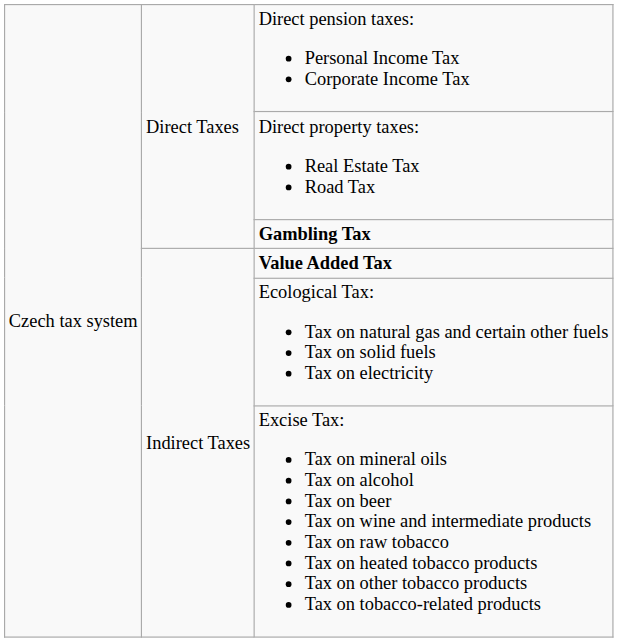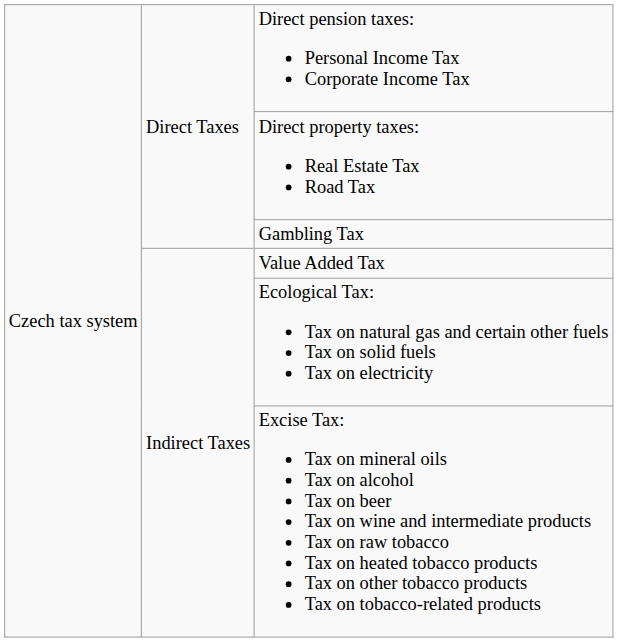 <table class="wikitable">
 <tr>
 <td rowspan="6">Czech tax system</td>
 <td rowspan="3">Direct Taxes</td>
 <td>Direct pension taxes:<br><ul><li>Personal Income Tax</li><li>Corporate Income Tax</li></ul></td>
 </tr>
 <tr>
 <td>Direct property taxes:<br><ul><li>Real Estate Tax</li><li>Road Tax</li></ul></td>
 </tr>
 <tr>
-<td><strong>Gambling Tax</strong></td>
+<td>Gambling Tax</td>
 </tr>
 <tr>
 <td rowspan="3">Indirect Taxes</td>
-<td><strong>Value Added Tax</strong></td>
+<td>Value Added Tax</td>
 </tr>
 <tr>
 <td>Ecological Tax:<br><ul><li>Tax on natural gas and certain other fuels</li><li>Tax on solid fuels</li><li>Tax on electricity</li></ul></td>
 </tr>
 <tr>
 <td>Excise Tax:<br><ul><li>Tax on mineral oils</li><li>Tax on alcohol</li><li>Tax on beer</li><li>Tax on wine and intermediate products</li><li>Tax on raw tobacco</li><li>Tax on heated tobacco products</li><li>Tax on other tobacco products</li><li>Tax on tobacco-related products</li></ul></td>
 </tr>
 </table>
